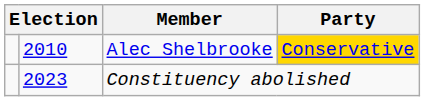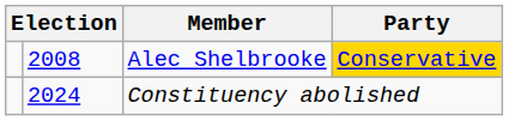 <table class="wikitable">
 <tr>
 <th colspan=2>Election</th>
 <th>Member</th>
 <th>Party</th>
 </tr>
 <tr>
 <td style="color:inherit;background-color: "></td>
-<td><a href='#'>2010</a></td>
+<td><a href='#'>2008</a></td>
 <td><a href='#'>Alec Shelbrooke</a></td>
 <td style="background: gold;"><a href='#'>Conservative</a></td>
 </tr>
 <tr>
 <td></td>
-<td><a href='#'>2023</a></td>
+<td><a href='#'>2024</a></td>
 <td colspan="2"><em>Constituency abolished</em></td>
 </tr>
 </table>
